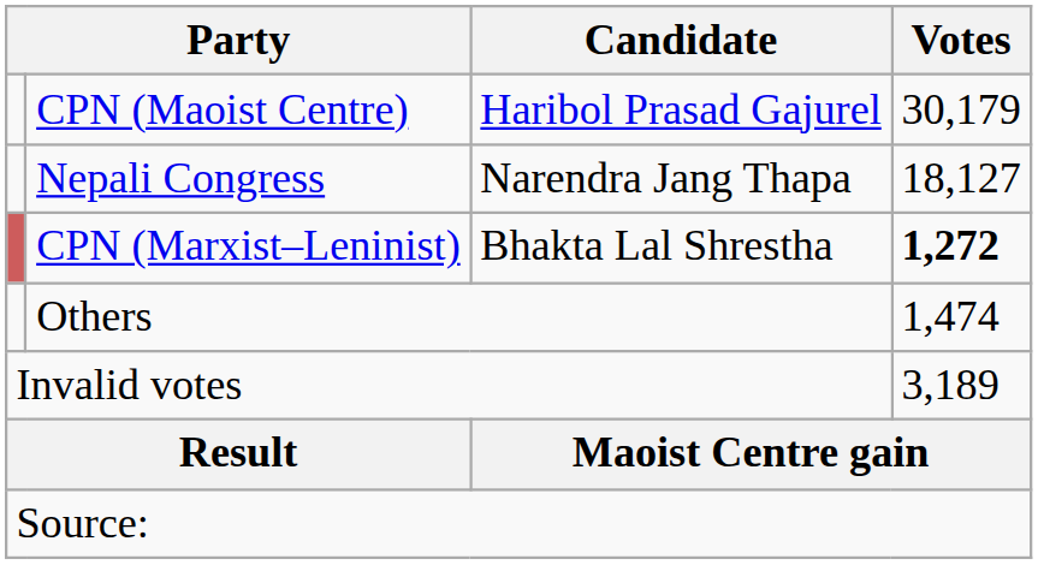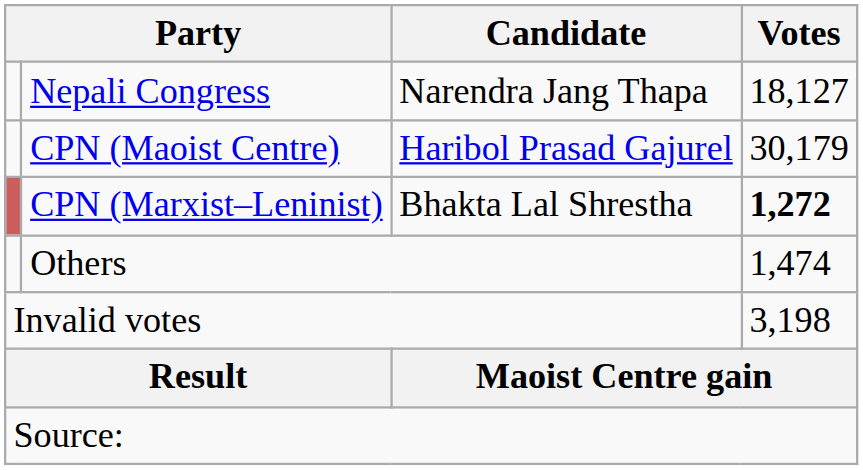 <table class="wikitable">
 <tr>
 <th colspan="2">Party</th>
 <th>Candidate</th>
 <th>Votes</th>
 </tr>
 <tr>
 <td style="background-color:"></td>
+<td><a href='#'>Nepali Congress</a></td>
+<td>Narendra Jang Thapa</td>
+<td>18,127</td>
+</tr>
+<tr>
+<td style="background-color:"></td>
 <td><a href='#'>CPN (Maoist Centre)</a></td>
 <td><a href='#'>Haribol Prasad Gajurel</a></td>
 <td>30,179</td>
-</tr>
-<tr>
-<td style="background-color:"></td>
-<td><a href='#'>Nepali Congress</a></td>
-<td>Narendra Jang Thapa</td>
-<td>18,127</td>
 </tr>
 <tr>
 <td style="background-color:indianred"></td>
 <td><a href='#'>CPN (Marxist–Leninist)</a></td>
 <td>Bhakta Lal Shrestha</td>
 <td><strong>1,272</strong></td>
 </tr>
 <tr>
 <td></td>
 <td colspan="2">Others</td>
 <td>1,474</td>
 </tr>
 <tr>
 <td colspan="3">Invalid votes</td>
-<td>3,189</td>
+<td>3,198</td>
 </tr>
 <tr>
 <th colspan="2">Result</th>
 <th colspan="2">Maoist Centre gain</th>
 </tr>
 <tr>
 <td colspan="4">Source: </td>
 </tr>
 </table>
